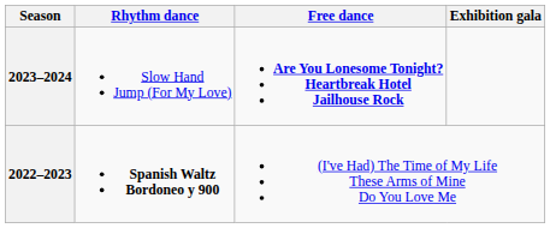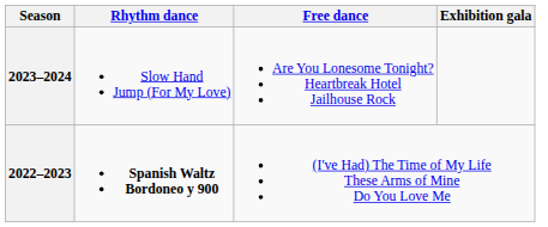 <table class=wikitable style=text-align:center>
 <tr>
 <th>Season</th>
 <th><a href='#'>Rhythm dance</a></th>
 <th><a href='#'>Free dance</a></th>
 <th>Exhibition gala</th>
 </tr>
 <tr>
 <th>2023–2024 <br> </th>
 <td><br><ul><li><a href='#'>Slow Hand</a></li><li><a href='#'>Jump (For My Love)</a> <br> </li></ul></td>
-<td><strong><br><ul><li><a href='#'>Are You Lonesome Tonight?</a></li><li><a href='#'>Heartbreak Hotel</a></li><li><a href='#'>Jailhouse Rock</a><br> </li></ul></strong></td>
+<td><br><ul><li><a href='#'>Are You Lonesome Tonight?</a></li><li><a href='#'>Heartbreak Hotel</a></li><li><a href='#'>Jailhouse Rock</a><br> </li></ul></td>
 </tr>
 <tr>
 <th>2022–2023 <br> </th>
 <td><strong><br><ul><li>Spanish Waltz <br> </li><li> Bordoneo y 900 <br> </li></ul></strong></td>
 <td colspan=2><br><ul><li><a href='#'>(I've Had) The Time of My Life</a> <br> </li><li><a href='#'>These Arms of Mine</a> <br> </li><li><a href='#'>Do You Love Me</a> <br> </li></ul></td>
 </tr>
 </table>
